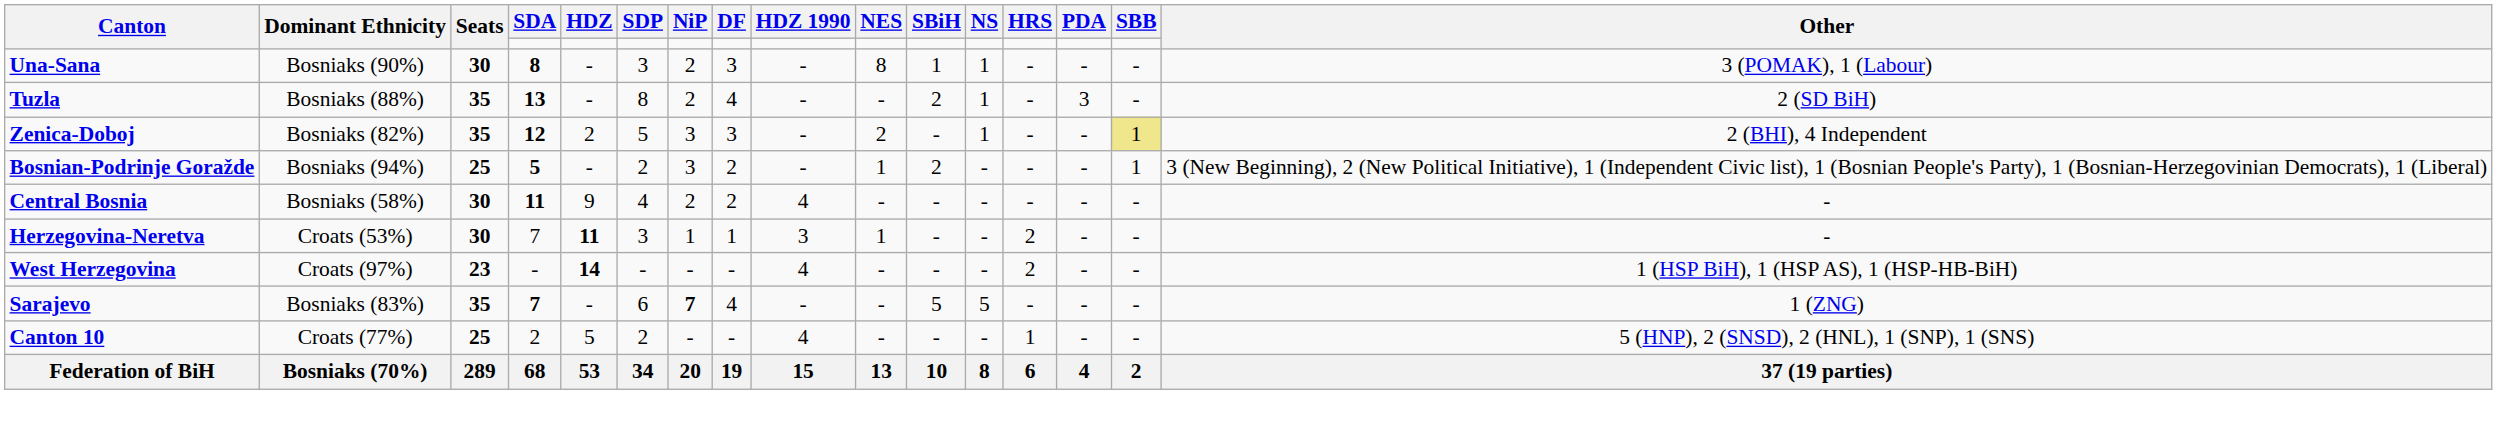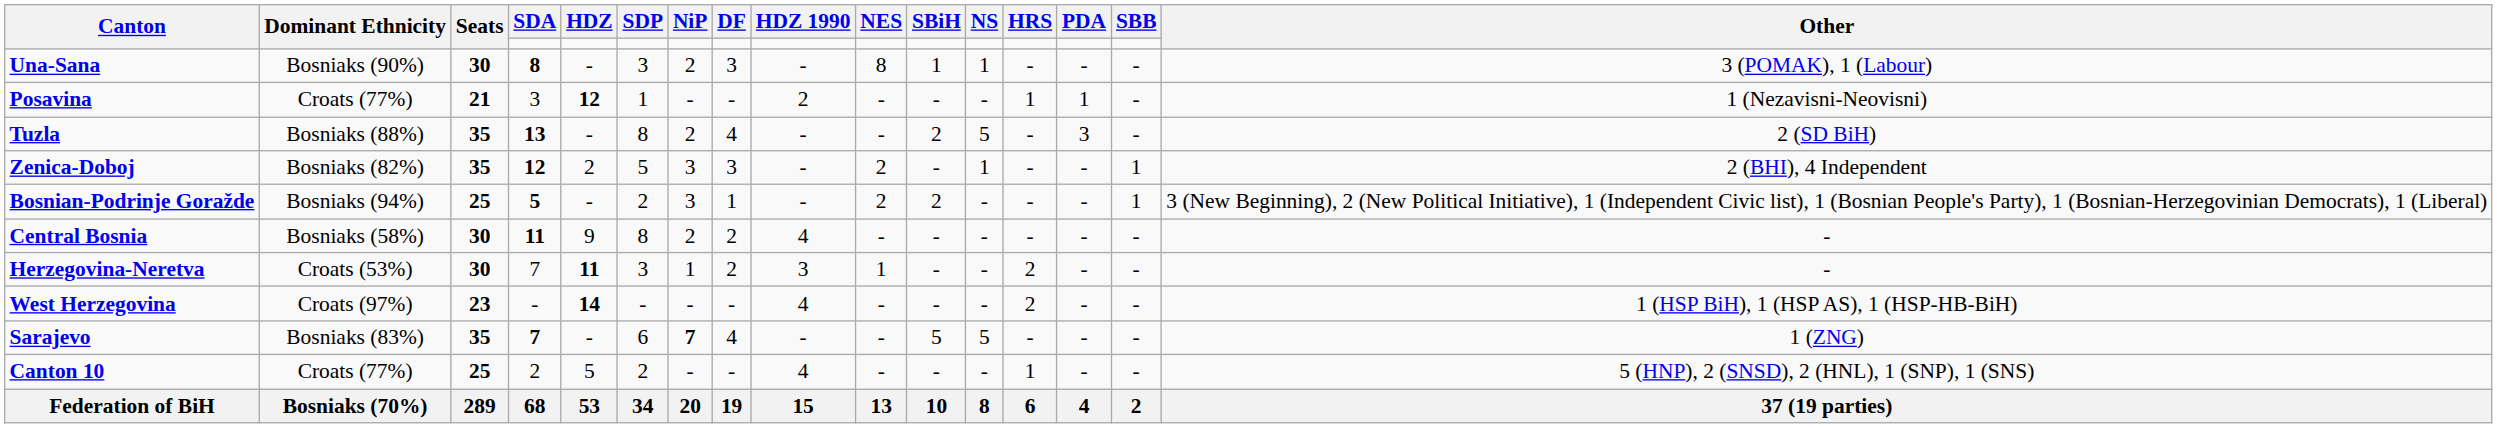 <table class="wikitable" style="text-align:center">
 <tr>
 <th rowspan="2"><a href='#'>Canton</a></th>
 <th rowspan="2">Dominant Ethnicity</th>
 <th rowspan="2">Seats</th>
 <th><a href='#'>SDA</a></th>
 <th><a href='#'>HDZ</a></th>
 <th><a href='#'>SDP</a></th>
 <th><a href='#'>NiP</a></th>
 <th><a href='#'>DF</a></th>
 <th><a href='#'>HDZ 1990</a></th>
 <th><a href='#'>NES</a></th>
 <th><a href='#'>SBiH</a></th>
 <th><a href='#'>NS</a></th>
 <th><a href='#'>HRS</a></th>
 <th><a href='#'>PDA</a></th>
 <th><a href='#'>SBB</a></th>
 <th rowspan="2">Other</th>
 </tr>
 <tr>
 <td rowspan=1; style="background-color: "></td>
 <td rowspan=1; style="background-color: "></td>
 <td rowspan=1; style="background-color: "></td>
 <td rowspan="1;" style="background-color: "></td>
 <td rowspan="1;" style="background-color: "></td>
 <td rowspan="1;" style="background-color: "></td>
 <td rowspan="1;" style="background-color: "></td>
 <td rowspan="1;" style="background-color: "></td>
 <td rowspan="1;" style="background-color: "></td>
 <td rowspan="1;" style="background-color: "></td>
 <td rowspan="1;" style="background-color: "></td>
 <td rowspan=1; style="background-color: "></td>
 </tr>
 <tr>
 <td align=left> <strong><a href='#'>Una-Sana</a></strong></td>
 <td>Bosniaks (90%)</td>
 <td><strong>30</strong></td>
 <td><strong>8</strong></td>
 <td>-</td>
 <td>3</td>
 <td>2</td>
 <td>3</td>
 <td>-</td>
 <td>8</td>
 <td>1</td>
 <td>1</td>
 <td>-</td>
 <td>-</td>
 <td>-</td>
 <td>3 (<a href='#'>POMAK</a>), 1 (<a href='#'>Labour</a>)</td>
 </tr>
 <tr>
+<td align=left> <strong><a href='#'>Posavina</a></strong></td>
+<td>Croats (77%)</td>
+<td><strong>21</strong></td>
+<td>3</td>
+<td><strong>12</strong></td>
+<td>1</td>
+<td>-</td>
+<td>-</td>
+<td>2</td>
+<td>-</td>
+<td>-</td>
+<td>-</td>
+<td>1</td>
+<td>1</td>
+<td>-</td>
+<td>1 (Nezavisni-Neovisni)</td>
+</tr>
+<tr>
 <td align=left> <strong><a href='#'>Tuzla</a></strong></td>
 <td>Bosniaks (88%)</td>
 <td><strong>35</strong></td>
 <td><strong>13</strong></td>
 <td>-</td>
 <td>8</td>
 <td>2</td>
 <td>4</td>
 <td>-</td>
 <td>-</td>
 <td>2</td>
-<td>1</td>
+<td>5</td>
 <td>-</td>
 <td>3</td>
 <td>-</td>
 <td>2 (<a href='#'>SD BiH</a>)</td>
 </tr>
 <tr>
 <td align=left> <strong><a href='#'>Zenica-Doboj</a></strong></td>
 <td>Bosniaks (82%)</td>
 <td><strong>35</strong></td>
 <td><strong>12</strong></td>
 <td>2</td>
 <td>5</td>
 <td>3</td>
 <td>3</td>
 <td>-</td>
 <td>2</td>
 <td>-</td>
 <td>1</td>
 <td>-</td>
 <td>-</td>
-<td style="background: khaki;">1</td>
+<td>1</td>
 <td>2 (<a href='#'>BHI</a>), 4 Independent</td>
 </tr>
 <tr>
 <td align=left> <strong><a href='#'>Bosnian-Podrinje Goražde</a></strong></td>
 <td>Bosniaks (94%)</td>
 <td><strong>25</strong></td>
 <td><strong>5</strong></td>
 <td>-</td>
 <td>2</td>
 <td>3</td>
+<td>1</td>
+<td>-</td>
 <td>2</td>
-<td>-</td>
-<td>1</td>
 <td>2</td>
 <td>-</td>
 <td>-</td>
 <td>-</td>
 <td>1</td>
 <td>3 (New Beginning), 2 (New Political Initiative), 1 (Independent Civic list), 1 (Bosnian People's Party), 1 (Bosnian-Herzegovinian Democrats), 1 (Liberal)</td>
 </tr>
 <tr>
 <td align=left> <strong><a href='#'>Central Bosnia</a></strong></td>
 <td>Bosniaks (58%)</td>
 <td><strong>30</strong></td>
 <td><strong>11</strong></td>
 <td>9</td>
-<td>4</td>
+<td>8</td>
 <td>2</td>
 <td>2</td>
 <td>4</td>
 <td>-</td>
 <td>-</td>
 <td>-</td>
 <td>-</td>
 <td>-</td>
 <td>-</td>
 <td>-</td>
 </tr>
 <tr>
 <td align=left> <strong><a href='#'>Herzegovina-Neretva</a></strong></td>
 <td>Croats (53%)</td>
 <td><strong>30</strong></td>
 <td>7</td>
 <td><strong>11</strong></td>
 <td>3</td>
 <td>1</td>
-<td>1</td>
+<td>2</td>
 <td>3</td>
 <td>1</td>
 <td>-</td>
 <td>-</td>
 <td>2</td>
 <td>-</td>
 <td>-</td>
 <td>-</td>
 </tr>
 <tr>
 <td align=left> <strong><a href='#'>West Herzegovina</a></strong></td>
 <td>Croats (97%)</td>
 <td><strong>23</strong></td>
 <td>-</td>
 <td><strong>14</strong></td>
 <td>-</td>
 <td>-</td>
 <td>-</td>
 <td>4</td>
 <td>-</td>
 <td>-</td>
 <td>-</td>
 <td>2</td>
 <td>-</td>
 <td>-</td>
 <td>1 (<a href='#'>HSP BiH</a>), 1 (HSP AS), 1 (HSP-HB-BiH)</td>
 </tr>
 <tr>
 <td align=left> <strong><a href='#'>Sarajevo</a></strong></td>
 <td>Bosniaks (83%)</td>
 <td><strong>35</strong></td>
 <td><strong>7</strong></td>
 <td>-</td>
 <td>6</td>
 <td><strong>7</strong></td>
 <td>4</td>
 <td>-</td>
 <td>-</td>
 <td>5</td>
 <td>5</td>
 <td>-</td>
 <td>-</td>
 <td>-</td>
 <td>1 (<a href='#'>ZNG</a>)</td>
 </tr>
 <tr>
 <td align=left> <strong><a href='#'>Canton 10</a></strong></td>
 <td>Croats (77%)</td>
 <td><strong>25</strong></td>
 <td>2</td>
 <td>5</td>
 <td>2</td>
 <td>-</td>
 <td>-</td>
 <td>4</td>
 <td>-</td>
 <td>-</td>
 <td>-</td>
 <td>1</td>
 <td>-</td>
 <td>-</td>
 <td>5 (<a href='#'>HNP</a>), 2 (<a href='#'>SNSD</a>), 2 (HNL), 1 (SNP), 1 (SNS)</td>
 </tr>
 <tr>
 <th> Federation of BiH</th>
 <th>Bosniaks (70%)</th>
 <th>289</th>
 <th>68</th>
 <th>53</th>
 <th>34</th>
 <th>20</th>
 <th>19</th>
 <th>15</th>
 <th>13</th>
 <th>10</th>
 <th>8</th>
 <th>6</th>
 <th>4</th>
 <th>2</th>
 <th>37 (19 parties)</th>
 </tr>
 </table>
